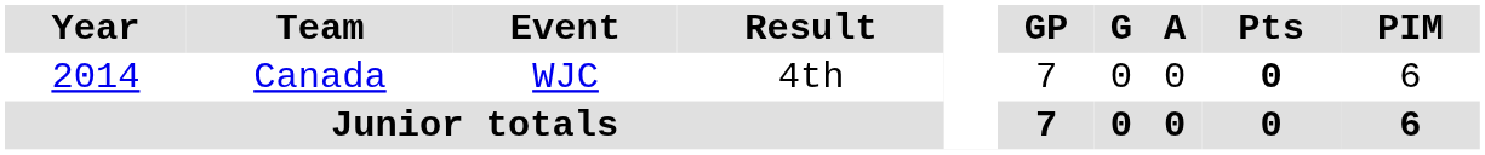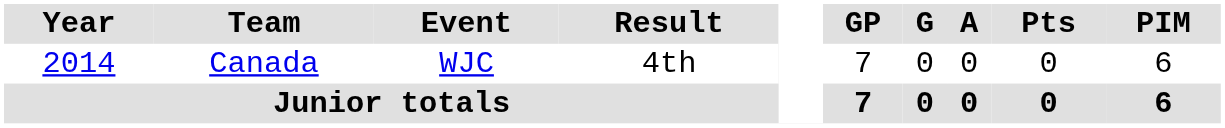 <table border="0" cellpadding="1" cellspacing="0" style="text-align:center; width:40em">
 <tr ALIGN="center" bgcolor="#e0e0e0">
 <th>Year</th>
 <th>Team</th>
 <th>Event</th>
 <th>Result</th>
 <th rowspan="99" bgcolor="#ffffff"> </th>
 <th>GP</th>
 <th>G</th>
 <th>A</th>
 <th>Pts</th>
 <th>PIM</th>
 </tr>
 <tr>
 <td><a href='#'>2014</a></td>
 <td><a href='#'>Canada</a></td>
 <td><a href='#'>WJC</a></td>
 <td>4th</td>
 <td>7</td>
 <td>0</td>
 <td>0</td>
-<td><strong>0</strong></td>
+<td>0</td>
 <td>6</td>
 </tr>
 <tr bgcolor="#e0e0e0">
 <th colspan="4">Junior totals</th>
 <th>7</th>
 <th>0</th>
 <th>0</th>
 <th>0</th>
 <th>6</th>
 </tr>
 </table>
